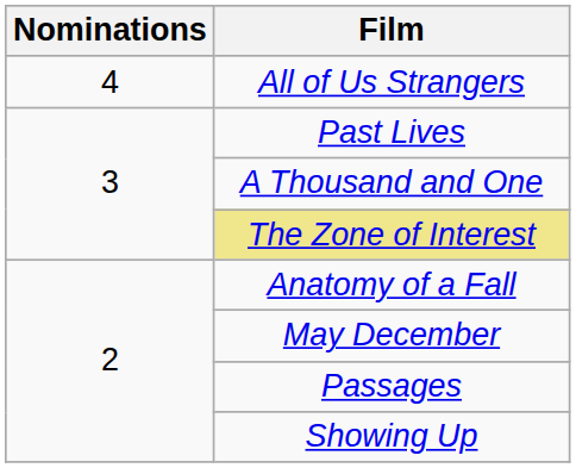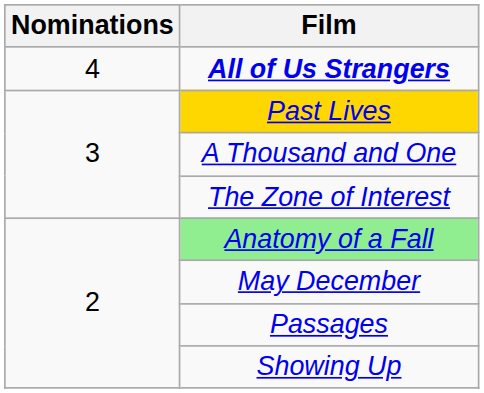 <table class="wikitable" rowspan=2 border=2 style="text-align:center;">
 <tr>
 <th scope="col" width="50">Nominations</th>
 <th scope="col" width="170">Film</th>
 </tr>
 <tr>
 <td>4</td>
-<td><em><a href='#'>All of Us Strangers</a></em></td>
+<td><strong><em><a href='#'>All of Us Strangers</a></em></strong></td>
 </tr>
 <tr>
 <td rowspan="3">3</td>
-<td><em><a href='#'>Past Lives</a></em></td>
+<td style="background: gold;"><em><a href='#'>Past Lives</a></em></td>
 </tr>
 <tr>
 <td><em><a href='#'>A Thousand and One</a></em></td>
 </tr>
 <tr>
-<td style="background: khaki;"><em><a href='#'>The Zone of Interest</a></em></td>
+<td><em><a href='#'>The Zone of Interest</a></em></td>
 </tr>
 <tr>
 <td rowspan="4">2</td>
-<td><em><a href='#'>Anatomy of a Fall</a></em></td>
+<td style="background: lightgreen;"><em><a href='#'>Anatomy of a Fall</a></em></td>
 </tr>
 <tr>
 <td><em><a href='#'>May December</a></em></td>
 </tr>
 <tr>
 <td><em><a href='#'>Passages</a></em></td>
 </tr>
 <tr>
 <td><em><a href='#'>Showing Up</a></em></td>
 </tr>
 </table>
